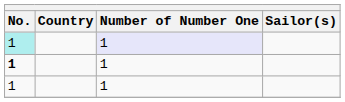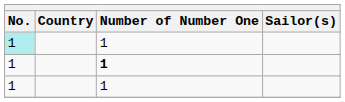 <table class="sortable wikitable">
 <tr>
 <th colspan="4"></th>
 </tr>
 <tr>
 <th>No.</th>
 <th>Country</th>
 <th>Number of Number One</th>
 <th>Sailor(s)</th>
 </tr>
 <tr>
 <td style="background: paleturquoise;">1</td>
 <td></td>
-<td style="background: lavender;">1</td>
+<td>1</td>
 <td></td>
 </tr>
 <tr>
+<td>1</td>
+<td></td>
 <td><strong>1</strong></td>
-<td></td>
-<td>1</td>
 <td></td>
 </tr>
 <tr>
 <td>1</td>
 <td></td>
 <td>1</td>
 <td></td>
 </tr>
 <tr>
 </tr>
 </table>
